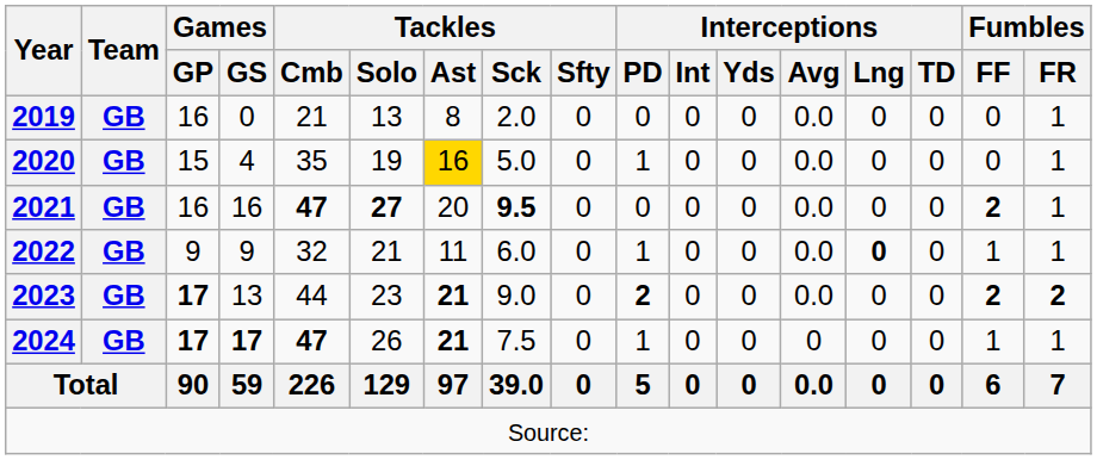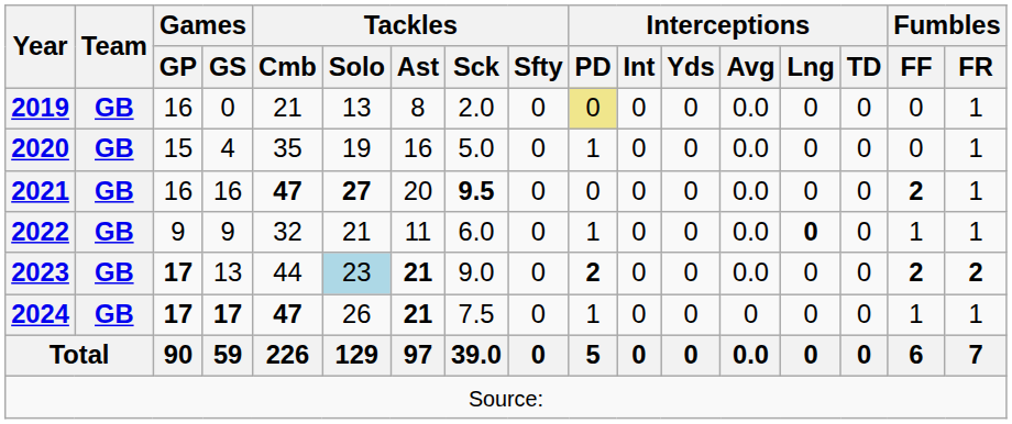 <table class="wikitable" style="text-align: center;">
 <tr>
 <th rowspan="2">Year</th>
 <th rowspan="2">Team</th>
 <th colspan="2">Games</th>
 <th colspan="5">Tackles</th>
 <th colspan="6">Interceptions</th>
 <th colspan="2">Fumbles</th>
 </tr>
 <tr>
 <th>GP</th>
 <th>GS</th>
 <th>Cmb</th>
 <th>Solo</th>
 <th>Ast</th>
 <th>Sck</th>
 <th>Sfty</th>
 <th>PD</th>
 <th>Int</th>
 <th>Yds</th>
 <th>Avg</th>
 <th>Lng</th>
 <th>TD</th>
 <th>FF</th>
 <th>FR</th>
 </tr>
 <tr>
 <th><a href='#'>2019</a></th>
 <th><a href='#'>GB</a></th>
 <td>16</td>
 <td>0</td>
 <td>21</td>
 <td>13</td>
 <td>8</td>
 <td>2.0</td>
 <td>0</td>
-<td>0</td>
+<td style="background: khaki;">0</td>
 <td>0</td>
 <td>0</td>
 <td>0.0</td>
 <td>0</td>
 <td>0</td>
 <td>0</td>
 <td>1</td>
 </tr>
 <tr>
 <th><a href='#'>2020</a></th>
 <th><a href='#'>GB</a></th>
 <td>15</td>
 <td>4</td>
 <td>35</td>
 <td>19</td>
-<td style="background: gold;">16</td>
+<td>16</td>
 <td>5.0</td>
 <td>0</td>
 <td>1</td>
 <td>0</td>
 <td>0</td>
 <td>0.0</td>
 <td>0</td>
 <td>0</td>
 <td>0</td>
 <td>1</td>
 </tr>
 <tr>
 <th><a href='#'>2021</a></th>
 <th><a href='#'>GB</a></th>
 <td>16</td>
 <td>16</td>
 <td><strong>47</strong></td>
 <td><strong>27</strong></td>
 <td>20</td>
 <td><strong>9.5</strong></td>
 <td>0</td>
 <td>0</td>
 <td>0</td>
 <td>0</td>
 <td>0.0</td>
 <td>0</td>
 <td>0</td>
 <td><strong>2</strong></td>
 <td>1</td>
 </tr>
 <tr>
 <th><a href='#'>2022</a></th>
 <th><a href='#'>GB</a></th>
 <td>9</td>
 <td>9</td>
 <td>32</td>
 <td>21</td>
 <td>11</td>
 <td>6.0</td>
 <td>0</td>
 <td>1</td>
 <td>0</td>
 <td>0</td>
 <td>0.0</td>
 <td><strong>0</strong></td>
 <td>0</td>
 <td>1</td>
 <td>1</td>
 </tr>
 <tr>
 <th><a href='#'>2023</a></th>
 <th><a href='#'>GB</a></th>
 <td><strong>17</strong></td>
 <td>13</td>
 <td>44</td>
-<td>23</td>
+<td style="background: lightblue;">23</td>
 <td><strong>21</strong></td>
 <td>9.0</td>
 <td>0</td>
 <td><strong>2</strong></td>
 <td>0</td>
 <td>0</td>
 <td>0.0</td>
 <td>0</td>
 <td>0</td>
 <td><strong>2</strong></td>
 <td><strong>2</strong></td>
 </tr>
 <tr>
 <th><a href='#'>2024</a></th>
 <th><a href='#'>GB</a></th>
 <td><strong>17</strong></td>
 <td><strong>17</strong></td>
 <td><strong>47</strong></td>
 <td>26</td>
 <td><strong>21</strong></td>
 <td>7.5</td>
 <td>0</td>
 <td>1</td>
 <td>0</td>
 <td>0</td>
 <td>0</td>
 <td>0</td>
 <td>0</td>
 <td>1</td>
 <td>1</td>
 </tr>
 <tr>
 <th colspan="2">Total</th>
 <th>90</th>
 <th>59</th>
 <th>226</th>
 <th>129</th>
 <th>97</th>
 <th>39.0</th>
 <th>0</th>
 <th>5</th>
 <th>0</th>
 <th>0</th>
 <th>0.0</th>
 <th>0</th>
 <th>0</th>
 <th>6</th>
 <th>7</th>
 </tr>
 <tr>
 <td colspan="17"><small>Source: </small></td>
 </tr>
 </table>
